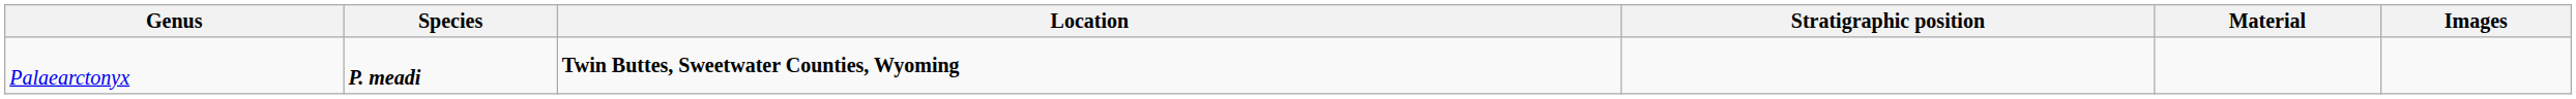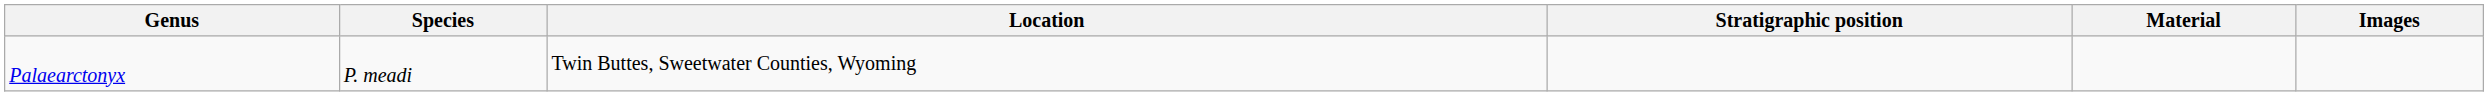 <table class="wikitable sortable"  style="margin:auto; width:100%;">
 <tr>
 <th>Genus</th>
 <th>Species</th>
 <th>Location</th>
 <th>Stratigraphic position</th>
 <th>Material</th>
 <th>Images</th>
 </tr>
 <tr>
 <td rowspan=2><br><em><a href='#'>Palaearctonyx</a></em></td>
-<td><strong><br><em>P. meadi</em></strong></td>
-<td><strong>Twin Buttes, Sweetwater Counties, Wyoming</strong></td>
+<td><br><em>P. meadi</em></td>
+<td>Twin Buttes, Sweetwater Counties, Wyoming</td>
 <td></td>
 <td></td>
 <td></td>
 </tr>
 </table>
